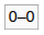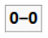 <table class="wikitable">
 <tr align="center">
 </tr>
 <tr align="center">
-<td>0–0</td>
+<td><strong>0–0</strong></td>
 </tr>
 </table>
